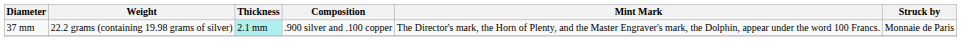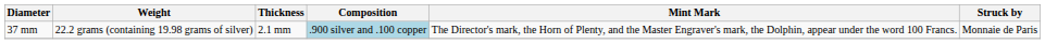 <table class="wikitable">
 <tr>
 <th>Diameter</th>
 <th>Weight</th>
 <th>Thickness</th>
 <th>Composition</th>
 <th>Mint Mark</th>
 <th>Struck by</th>
 </tr>
 <tr>
 <td>37 mm</td>
 <td>22.2 grams (containing 19.98 grams of silver)</td>
-<td style="background: paleturquoise;">2.1 mm</td>
-<td>.900 silver and .100 copper</td>
+<td>2.1 mm</td>
+<td style="background: lightblue;">.900 silver and .100 copper</td>
 <td>The Director's mark, the Horn of Plenty, and the Master Engraver's mark, the Dolphin, appear under the word 100 Francs.</td>
 <td>Monnaie de Paris</td>
 </tr>
 <tr>
 </tr>
 </table>
